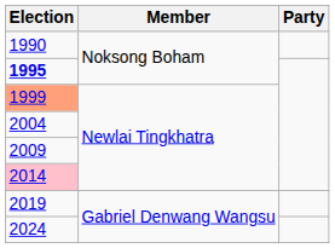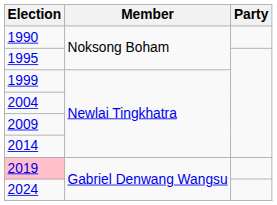 <table class="wikitable sortable">
 <tr>
 <th>Election</th>
 <th>Member</th>
 <th colspan=2>Party</th>
 </tr>
 <tr>
 <td><a href='#'>1990</a></td>
 <td rowspan=2>Noksong Boham</td>
 <td></td>
 </tr>
 <tr>
-<td><strong><a href='#'>1995</a></strong></td>
+<td><a href='#'>1995</a></td>
 </tr>
 <tr>
-<td style="background: lightsalmon;"><a href='#'>1999</a></td>
+<td><a href='#'>1999</a></td>
 <td rowspan=4><a href='#'>Newlai Tingkhatra</a></td>
 </tr>
 <tr>
 <td><a href='#'>2004</a></td>
 </tr>
 <tr>
 <td><a href='#'>2009</a></td>
 </tr>
 <tr>
-<td style="background: pink;"><a href='#'>2014</a></td>
+<td><a href='#'>2014</a></td>
 </tr>
 <tr>
-<td><a href='#'>2019</a></td>
+<td style="background: pink;"><a href='#'>2019</a></td>
 <td rowspan=2><a href='#'>Gabriel Denwang Wangsu</a></td>
 <td></td>
 </tr>
 <tr>
 <td><a href='#'>2024</a></td>
 </tr>
 </table>
